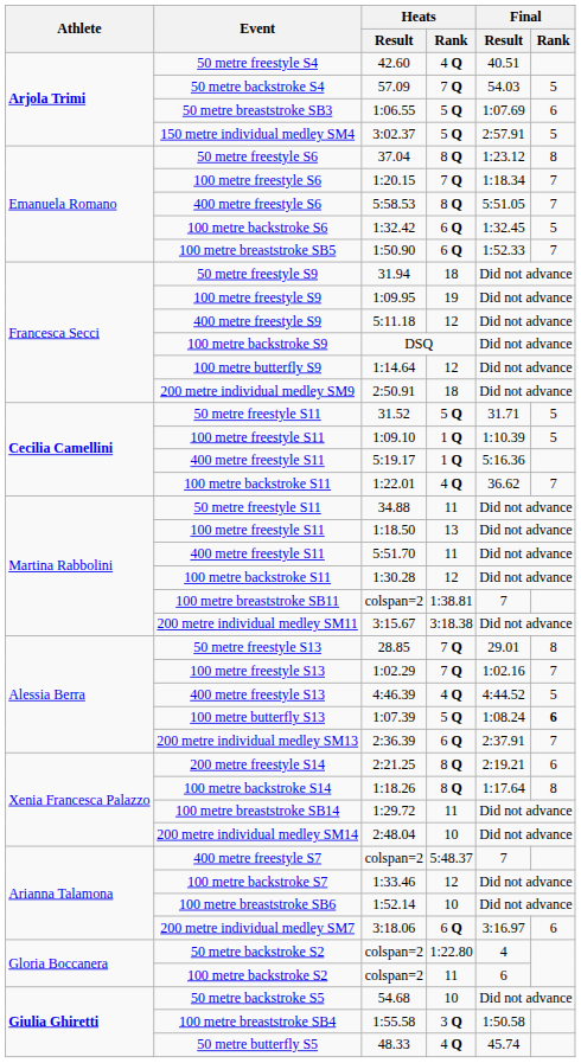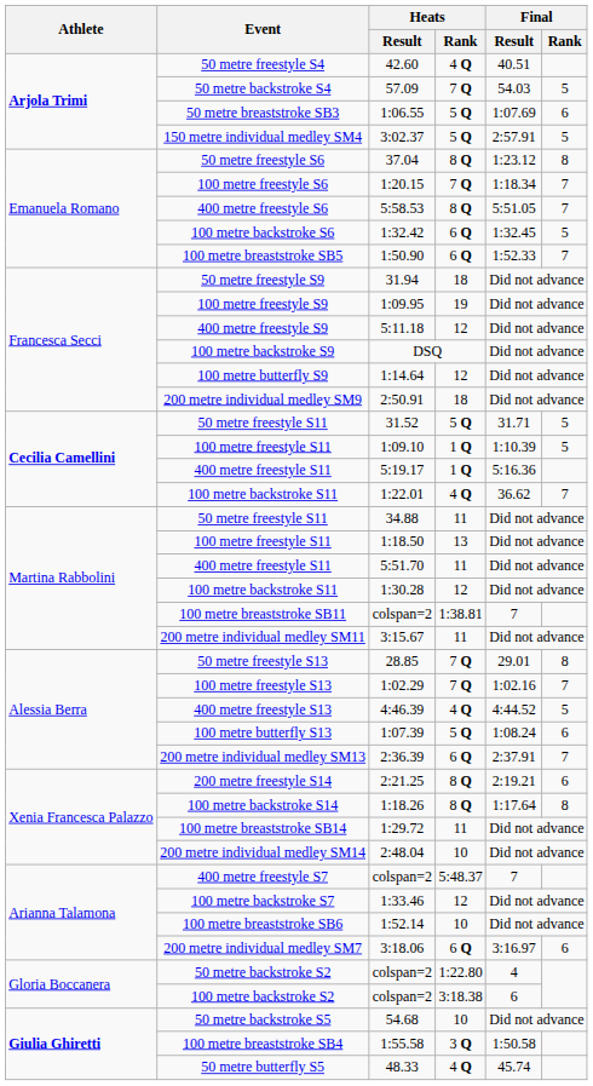 <table class=wikitable style="font-size:90%">
 <tr>
 <th rowspan="2">Athlete</th>
 <th rowspan="2">Event</th>
 <th colspan="2">Heats</th>
 <th colspan="2">Final</th>
 </tr>
 <tr>
 <th>Result</th>
 <th>Rank</th>
 <th>Result</th>
 <th>Rank</th>
 </tr>
 <tr align=center>
 <td rowspan="4" align="left"><strong><a href='#'>Arjola Trimi</a></strong></td>
 <td><a href='#'>50 metre freestyle S4</a></td>
 <td>42.60</td>
 <td>4 <strong>Q</strong></td>
 <td>40.51</td>
 <td></td>
 </tr>
 <tr align=center>
 <td><a href='#'>50 metre backstroke S4</a></td>
 <td>57.09</td>
 <td>7 <strong>Q</strong></td>
 <td>54.03</td>
 <td>5</td>
 </tr>
 <tr align=center>
 <td><a href='#'>50 metre breaststroke SB3</a></td>
 <td>1:06.55</td>
 <td>5 <strong>Q</strong></td>
 <td>1:07.69</td>
 <td>6</td>
 </tr>
 <tr align=center>
 <td><a href='#'>150 metre individual medley SM4</a></td>
 <td>3:02.37</td>
 <td>5 <strong>Q</strong></td>
 <td>2:57.91</td>
 <td>5</td>
 </tr>
 <tr align=center>
 <td rowspan="5" align="left"><a href='#'>Emanuela Romano</a></td>
 <td><a href='#'>50 metre freestyle S6</a></td>
 <td>37.04</td>
 <td>8 <strong>Q</strong></td>
 <td>1:23.12</td>
 <td>8</td>
 </tr>
 <tr align=center>
 <td><a href='#'>100 metre freestyle S6</a></td>
 <td>1:20.15</td>
 <td>7 <strong>Q</strong></td>
 <td>1:18.34</td>
 <td>7</td>
 </tr>
 <tr align=center>
 <td><a href='#'>400 metre freestyle S6</a></td>
 <td>5:58.53</td>
 <td>8 <strong>Q</strong></td>
 <td>5:51.05</td>
 <td>7</td>
 </tr>
 <tr align=center>
 <td><a href='#'>100 metre backstroke S6</a></td>
 <td>1:32.42</td>
 <td>6 <strong>Q</strong></td>
 <td>1:32.45</td>
 <td>5</td>
 </tr>
 <tr align=center>
 <td><a href='#'>100 metre breaststroke SB5</a></td>
 <td>1:50.90</td>
 <td>6 <strong>Q</strong></td>
 <td>1:52.33</td>
 <td>7</td>
 </tr>
 <tr align=center>
 <td rowspan="6" align="left"><a href='#'>Francesca Secci</a></td>
 <td><a href='#'>50 metre freestyle S9</a></td>
 <td>31.94</td>
 <td>18</td>
 <td colspan="2">Did not advance</td>
 </tr>
 <tr align=center>
 <td><a href='#'>100 metre freestyle S9</a></td>
 <td>1:09.95</td>
 <td>19</td>
 <td colspan=2>Did not advance</td>
 </tr>
 <tr align=center>
 <td><a href='#'>400 metre freestyle S9</a></td>
 <td>5:11.18</td>
 <td>12</td>
 <td colspan=2>Did not advance</td>
 </tr>
 <tr align=center>
 <td><a href='#'>100 metre backstroke S9</a></td>
 <td colspan="2">DSQ</td>
 <td colspan="2">Did not advance</td>
 </tr>
 <tr align=center>
 <td><a href='#'>100 metre butterfly S9</a></td>
 <td>1:14.64</td>
 <td>12</td>
 <td colspan=2>Did not advance</td>
 </tr>
 <tr align=center>
 <td><a href='#'>200 metre individual medley SM9</a></td>
 <td>2:50.91</td>
 <td>18</td>
 <td colspan="2">Did not advance</td>
 </tr>
 <tr align="center">
 <td rowspan="4" align="left"><strong><a href='#'>Cecilia Camellini</a></strong></td>
 <td><a href='#'>50 metre freestyle S11</a></td>
 <td>31.52</td>
 <td>5 <strong>Q</strong></td>
 <td>31.71</td>
 <td>5</td>
 </tr>
 <tr align=center>
 <td><a href='#'>100 metre freestyle S11</a></td>
 <td>1:09.10</td>
 <td>1 <strong>Q</strong></td>
 <td>1:10.39</td>
 <td>5</td>
 </tr>
 <tr align=center>
 <td><a href='#'>400 metre freestyle S11</a></td>
 <td>5:19.17</td>
 <td>1 <strong>Q</strong></td>
 <td>5:16.36</td>
 <td></td>
 </tr>
 <tr align=center>
 <td><a href='#'>100 metre backstroke S11</a></td>
 <td>1:22.01</td>
 <td>4 <strong>Q</strong></td>
 <td>36.62</td>
 <td>7</td>
 </tr>
 <tr align="center">
 <td rowspan="6" align="left"><a href='#'>Martina Rabbolini</a></td>
 <td><a href='#'>50 metre freestyle S11</a></td>
 <td>34.88</td>
 <td>11</td>
 <td colspan="2">Did not advance</td>
 </tr>
 <tr align=center>
 <td><a href='#'>100 metre freestyle S11</a></td>
 <td>1:18.50</td>
 <td>13</td>
 <td colspan=2>Did not advance</td>
 </tr>
 <tr align=center>
 <td><a href='#'>400 metre freestyle S11</a></td>
 <td>5:51.70</td>
 <td>11</td>
 <td colspan=2>Did not advance</td>
 </tr>
 <tr align=center>
 <td><a href='#'>100 metre backstroke S11</a></td>
 <td>1:30.28</td>
 <td>12</td>
 <td colspan="2">Did not advance</td>
 </tr>
 <tr align=center>
 <td><a href='#'>100 metre breaststroke SB11</a></td>
 <td>colspan=2 </td>
 <td>1:38.81</td>
 <td>7</td>
 </tr>
 <tr align=center>
 <td><a href='#'>200 metre individual medley SM11</a></td>
 <td>3:15.67</td>
-<td>3:18.38</td>
+<td>11</td>
 <td colspan="2">Did not advance</td>
 </tr>
 <tr align="center">
 <td rowspan="5" align="left"><a href='#'>Alessia Berra</a></td>
 <td><a href='#'>50 metre freestyle S13</a></td>
 <td>28.85</td>
 <td>7 <strong>Q</strong></td>
 <td>29.01</td>
 <td>8</td>
 </tr>
 <tr align=center>
 <td><a href='#'>100 metre freestyle S13</a></td>
 <td>1:02.29</td>
 <td>7 <strong>Q</strong></td>
 <td>1:02.16</td>
 <td>7</td>
 </tr>
 <tr align=center>
 <td><a href='#'>400 metre freestyle S13</a></td>
 <td>4:46.39</td>
 <td>4 <strong>Q</strong></td>
 <td>4:44.52</td>
 <td>5</td>
 </tr>
 <tr align=center>
 <td><a href='#'>100 metre butterfly S13</a></td>
 <td>1:07.39</td>
 <td>5 <strong>Q</strong></td>
 <td>1:08.24</td>
-<td><strong>6</strong></td>
+<td>6</td>
 </tr>
 <tr align=center>
 <td><a href='#'>200 metre individual medley SM13</a></td>
 <td>2:36.39</td>
 <td>6 <strong>Q</strong></td>
 <td>2:37.91</td>
 <td>7</td>
 </tr>
 <tr align="center">
 <td rowspan="4" align="left"><a href='#'>Xenia Francesca Palazzo</a></td>
 <td><a href='#'>200 metre freestyle S14</a></td>
 <td>2:21.25</td>
 <td>8 <strong>Q</strong></td>
 <td>2:19.21</td>
 <td>6</td>
 </tr>
 <tr align=center>
 <td><a href='#'>100 metre backstroke S14</a></td>
 <td>1:18.26</td>
 <td>8 <strong>Q</strong></td>
 <td>1:17.64</td>
 <td>8</td>
 </tr>
 <tr align=center>
 <td><a href='#'>100 metre breaststroke SB14</a></td>
 <td>1:29.72</td>
 <td>11</td>
 <td colspan=2>Did not advance</td>
 </tr>
 <tr align=center>
 <td><a href='#'>200 metre individual medley SM14</a></td>
 <td>2:48.04</td>
 <td>10</td>
 <td colspan=2>Did not advance</td>
 </tr>
 <tr align=center>
 <td rowspan="4" align="left"><a href='#'>Arianna Talamona</a></td>
 <td><a href='#'>400 metre freestyle S7</a></td>
 <td>colspan=2 </td>
 <td>5:48.37</td>
 <td>7</td>
 </tr>
 <tr align=center>
 <td><a href='#'>100 metre backstroke S7</a></td>
 <td>1:33.46</td>
 <td>12</td>
 <td colspan=2>Did not advance</td>
 </tr>
 <tr align=center>
 <td><a href='#'>100 metre breaststroke SB6</a></td>
 <td>1:52.14</td>
 <td>10</td>
 <td colspan="2">Did not advance</td>
 </tr>
 <tr align=center>
 <td><a href='#'>200 metre individual medley SM7</a></td>
 <td>3:18.06</td>
 <td>6 <strong>Q</strong></td>
 <td>3:16.97</td>
 <td>6</td>
 </tr>
 <tr align=center>
 <td align=left rowspan=2><a href='#'>Gloria Boccanera</a></td>
 <td><a href='#'>50 metre backstroke S2</a></td>
 <td>colspan=2 </td>
 <td>1:22.80</td>
 <td>4</td>
 </tr>
 <tr align=center>
 <td><a href='#'>100 metre backstroke S2</a></td>
 <td>colspan=2 </td>
-<td>11</td>
+<td>3:18.38</td>
 <td>6</td>
 </tr>
 <tr align=center>
 <td rowspan="3" align="left"><strong><a href='#'>Giulia Ghiretti</a></strong></td>
 <td><a href='#'>50 metre backstroke S5</a></td>
 <td>54.68</td>
 <td>10</td>
 <td colspan=2>Did not advance</td>
 </tr>
 <tr align=center>
 <td><a href='#'>100 metre breaststroke SB4</a></td>
 <td>1:55.58</td>
 <td>3 <strong>Q</strong></td>
 <td>1:50.58</td>
 <td></td>
 </tr>
 <tr align=center>
 <td><a href='#'>50 metre butterfly S5</a></td>
 <td>48.33</td>
 <td>4 <strong>Q</strong></td>
 <td>45.74</td>
 <td></td>
 </tr>
 </table>
